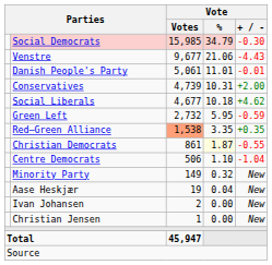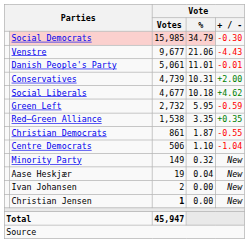 <table class="wikitable" style="text-align:right;">
 <tr>
 <th style="text-align:centre;" rowspan="2" colspan="2" width="225">Parties</th>
 <th colspan="3">Vote</th>
 </tr>
 <tr>
 <th width="15">Votes</th>
 <th width="15">%</th>
 <th width="15">+ / -</th>
 </tr>
 <tr>
 <td width="2" style="color:inherit;background:"></td>
 <td bgcolor=#fbd0ce  align="left"><a href='#'>Social Democrats</a></td>
 <td bgcolor=#fbd0ce>15,985</td>
 <td bgcolor=#fbd0ce>34.79</td>
 <td style=color:red;>-0.30</td>
 </tr>
 <tr>
 <td width="2" style="color:inherit;background:"></td>
 <td align="left"><a href='#'>Venstre</a></td>
 <td>9,677</td>
 <td>21.06</td>
 <td style=color:red;>-4.43</td>
 </tr>
 <tr>
 <td width="2" style="color:inherit;background:"></td>
 <td align="left"><a href='#'>Danish People's Party</a></td>
 <td>5,061</td>
 <td>11.01</td>
 <td style=color:red;>-0.01</td>
 </tr>
 <tr>
 <td width="2" style="color:inherit;background:"></td>
 <td align="left"><a href='#'>Conservatives</a></td>
 <td>4,739</td>
 <td>10.31</td>
 <td style=color:green;>+2.00</td>
 </tr>
 <tr>
 <td width="2" style="color:inherit;background:"></td>
 <td align="left"><a href='#'>Social Liberals</a></td>
 <td>4,677</td>
 <td>10.18</td>
 <td style=color:green;>+4.62</td>
 </tr>
 <tr>
 <td width="2" style="color:inherit;background:"></td>
 <td align="left"><a href='#'>Green Left</a></td>
 <td>2,732</td>
 <td>5.95</td>
 <td style=color:red;>-0.59</td>
 </tr>
 <tr>
 <td width="2" style="color:inherit;background:"></td>
 <td align="left"><a href='#'>Red–Green Alliance</a></td>
-<td style="background: lightsalmon;">1,538</td>
+<td>1,538</td>
 <td>3.35</td>
 <td style=color:green;>+0.35</td>
 </tr>
 <tr>
 <td width="2" style="color:inherit;background:"></td>
 <td align="left"><a href='#'>Christian Democrats</a></td>
 <td>861</td>
-<td style="background: lightyellow;">1.87</td>
+<td>1.87</td>
 <td style=color:red;>-0.55</td>
 </tr>
 <tr>
 <td width="2" style="color:inherit;background:"></td>
 <td align="left"><a href='#'>Centre Democrats</a></td>
 <td>506</td>
 <td>1.10</td>
 <td style=color:red;>-1.04</td>
 </tr>
 <tr>
 <td width="2" style="color:inherit;background:"></td>
 <td align="left"><a href='#'>Minority Party</a></td>
 <td>149</td>
 <td>0.32</td>
 <td><em>New</em></td>
 </tr>
 <tr>
 <td width="2" style="color:inherit;background:"></td>
 <td align="left">Aase Heskjær</td>
 <td>19</td>
 <td>0.04</td>
 <td><em>New</em></td>
 </tr>
 <tr>
 <td width="2" style="color:inherit;background:"></td>
 <td align="left">Ivan Johansen</td>
 <td>2</td>
 <td>0.00</td>
 <td><em>New</em></td>
 </tr>
 <tr>
 <td width="2" style="color:inherit;background:"></td>
 <td align="left">Christian Jensen</td>
-<td>1</td>
+<td><strong>1</strong></td>
 <td>0.00</td>
 <td><em>New</em></td>
 </tr>
 <tr>
 <td colspan="7" bgcolor="#E9E9E9"></td>
 </tr>
 <tr>
 <td align="left" colspan="2"><strong>Total</strong></td>
 <td><strong>45,947</strong></td>
 <td bgcolor="#E9E9E9" colspan="2"></td>
 </tr>
 <tr>
 <td align="left" colspan="6">Source</td>
 </tr>
 </table>
